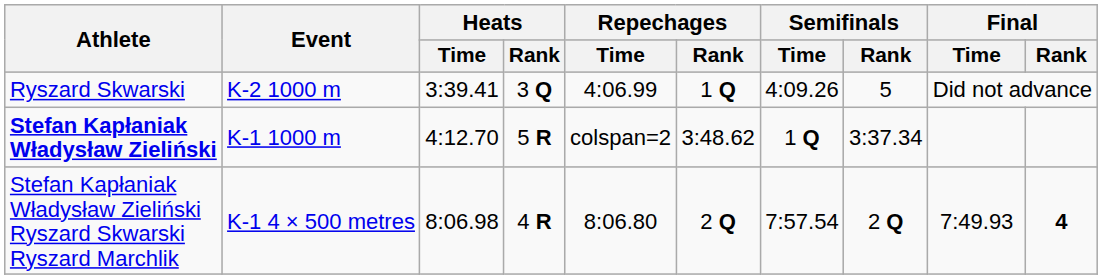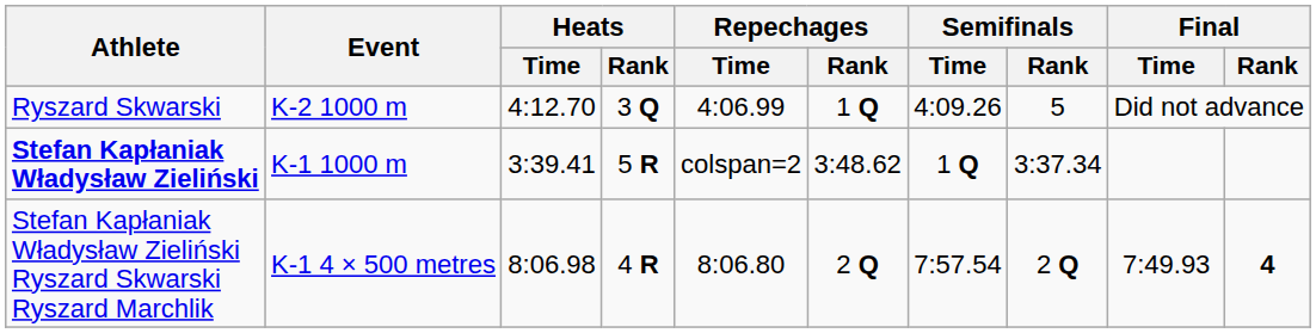 <table class="wikitable" style="font-size:90%">
 <tr>
 <th rowspan=2>Athlete</th>
 <th rowspan=2>Event</th>
 <th colspan=2>Heats</th>
 <th colspan=2>Repechages</th>
 <th colspan=2>Semifinals</th>
 <th colspan=2>Final</th>
 </tr>
 <tr style="font-size:95%">
 <th>Time</th>
 <th>Rank</th>
 <th>Time</th>
 <th>Rank</th>
 <th>Time</th>
 <th>Rank</th>
 <th>Time</th>
 <th>Rank</th>
 </tr>
 <tr align=center>
 <td align=left><a href='#'>Ryszard Skwarski</a></td>
 <td align=left><a href='#'>K-2 1000 m</a></td>
-<td>3:39.41</td>
+<td>4:12.70</td>
 <td>3 <strong>Q</strong></td>
 <td>4:06.99</td>
 <td>1 <strong>Q</strong></td>
 <td>4:09.26</td>
 <td>5</td>
 <td colspan=2>Did not advance</td>
 </tr>
 <tr align=center>
 <td align=left><strong><a href='#'>Stefan Kapłaniak</a><br><a href='#'>Władysław Zieliński</a></strong></td>
 <td align=left><a href='#'>K-1 1000 m</a></td>
-<td>4:12.70</td>
+<td>3:39.41</td>
 <td>5 <strong>R</strong></td>
 <td>colspan=2 </td>
 <td>3:48.62</td>
 <td>1 <strong>Q</strong></td>
 <td>3:37.34</td>
 <td></td>
 </tr>
 <tr align=center>
 <td align=left><a href='#'>Stefan Kapłaniak</a><br><a href='#'>Władysław Zieliński</a><br><a href='#'>Ryszard Skwarski</a><br><a href='#'>Ryszard Marchlik</a></td>
 <td align=left><a href='#'>K-1 4 × 500 metres</a></td>
 <td>8:06.98</td>
 <td>4 <strong>R</strong></td>
 <td>8:06.80</td>
 <td>2 <strong>Q</strong></td>
 <td>7:57.54</td>
 <td>2 <strong>Q</strong></td>
 <td>7:49.93</td>
 <td><strong>4</strong></td>
 </tr>
 </table>
